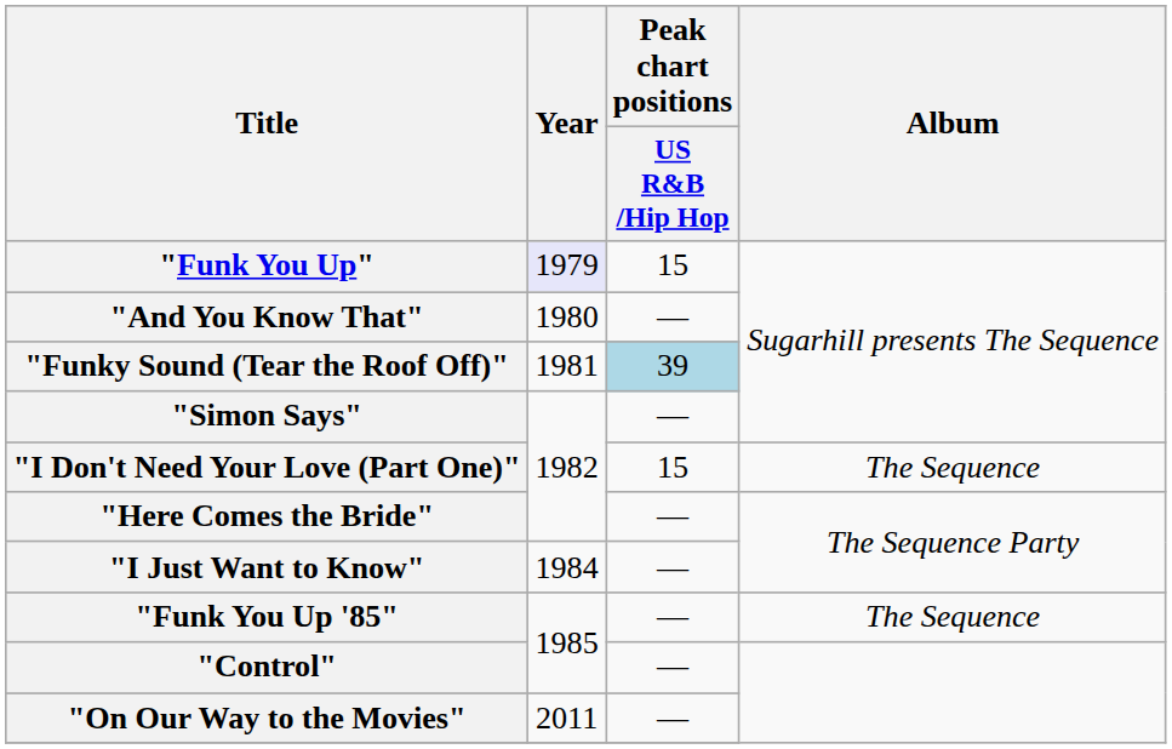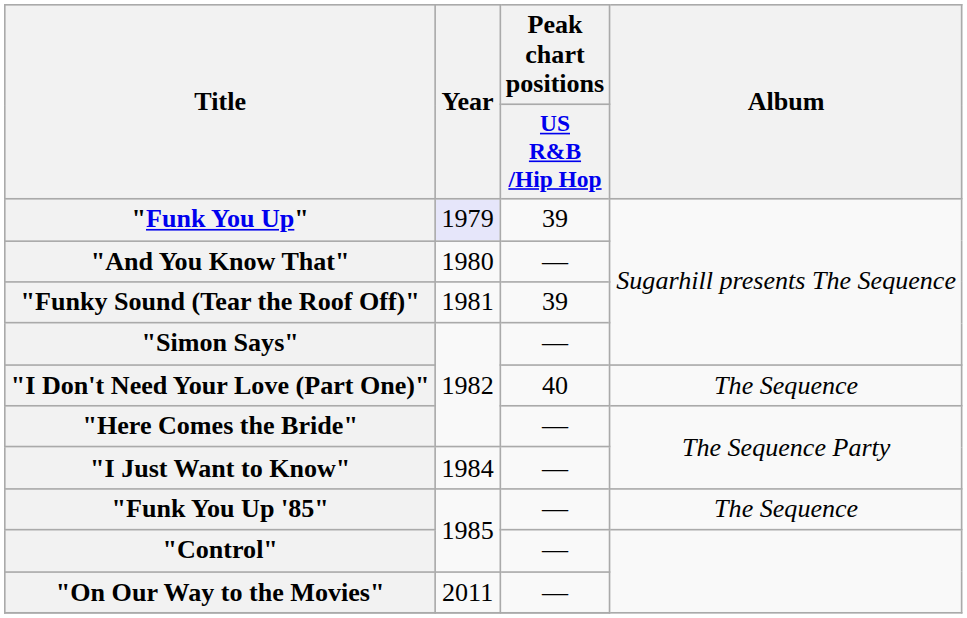 <table class="wikitable plainrowheaders" style="text-align:center;">
 <tr>
 <th scope="col" rowspan="2">Title</th>
 <th scope="col" rowspan="2">Year</th>
 <th scope="col" colspan="1">Peak chart positions</th>
 <th scope="col" rowspan="2">Album</th>
 </tr>
 <tr>
 <th scope="col" style="width:3em;font-size:90%;"><a href='#'>US<br>R&B<br>/Hip Hop</a></th>
 </tr>
 <tr>
 <th scope="row">"<a href='#'>Funk You Up</a>"</th>
 <td style="background: lavender;">1979</td>
-<td>15</td>
+<td>39</td>
 <td rowspan="4"><em>Sugarhill presents The Sequence</em></td>
 </tr>
 <tr>
 <th scope="row">"And You Know That"</th>
 <td>1980</td>
 <td>—</td>
 </tr>
 <tr>
 <th scope="row">"Funky Sound (Tear the Roof Off)"</th>
 <td>1981</td>
-<td style="background: lightblue;">39</td>
+<td>39</td>
 </tr>
 <tr>
 <th scope="row">"Simon Says"</th>
 <td rowspan="3">1982</td>
 <td>—</td>
 </tr>
 <tr>
 <th scope="row">"I Don't Need Your Love (Part One)"</th>
-<td>15</td>
+<td>40</td>
 <td><em>The Sequence</em></td>
 </tr>
 <tr>
 <th scope="row">"Here Comes the Bride"</th>
 <td>—</td>
 <td rowspan="2"><em>The Sequence Party</em></td>
 </tr>
 <tr>
 <th scope="row">"I Just Want to Know"</th>
 <td>1984</td>
 <td>—</td>
 </tr>
 <tr>
 <th scope="row">"Funk You Up '85"</th>
 <td rowspan="2">1985</td>
 <td>—</td>
 <td><em>The Sequence</em></td>
 </tr>
 <tr>
 <th scope="row">"Control"</th>
 <td>—</td>
 </tr>
 <tr>
 <th scope="row">"On Our Way to the Movies"</th>
 <td>2011</td>
 <td>—</td>
 </tr>
 <tr>
 </tr>
 </table>
